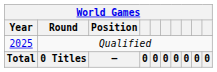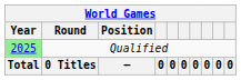 <table class="wikitable" style="text-align: center;">
 <tr>
 <th colspan=10><a href='#'>World Games</a></th>
 </tr>
 <tr>
 <th>Year</th>
 <th>Round</th>
 <th>Position</th>
 <th></th>
 <th></th>
 <th></th>
 <th></th>
 <th></th>
 <th></th>
 <th></th>
 </tr>
 <tr>
-<td> <a href='#'>2025</a></td>
+<td style="background: lightgreen;"> <a href='#'>2025</a></td>
 <td colspan=9><em>Qualified</em></td>
 </tr>
 <tr>
 <th>Total</th>
 <th>0 Titles</th>
 <th>—</th>
 <th>0</th>
 <th>0</th>
 <th>0</th>
 <th>0</th>
 <th>0</th>
 <th>0</th>
 <th>0</th>
 </tr>
 </table>
